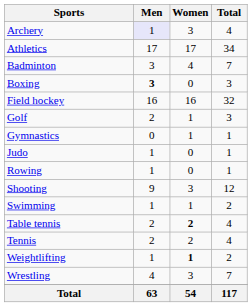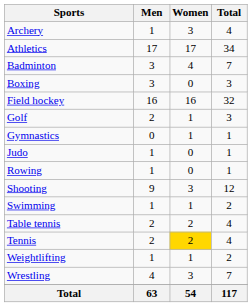 <table class="wikitable sortable" style="text-align:center;">
 <tr>
 <th width=180>Sports</th>
 <th width=45>Men</th>
 <th width=45>Women</th>
 <th width=45>Total</th>
 </tr>
 <tr>
 <td align=left><a href='#'>Archery</a></td>
-<td style="background: lavender;">1</td>
+<td>1</td>
 <td>3</td>
 <td>4</td>
 </tr>
 <tr>
 <td align=left><a href='#'>Athletics</a></td>
 <td>17</td>
 <td>17</td>
 <td>34</td>
 </tr>
 <tr>
 <td align=left><a href='#'>Badminton</a></td>
 <td>3</td>
 <td>4</td>
 <td>7</td>
 </tr>
 <tr>
 <td align=left><a href='#'>Boxing</a></td>
-<td><strong>3</strong></td>
+<td>3</td>
 <td>0</td>
 <td>3</td>
 </tr>
 <tr>
 <td align=left><a href='#'>Field hockey</a></td>
 <td>16</td>
 <td>16</td>
 <td>32</td>
 </tr>
 <tr>
 <td align=left><a href='#'>Golf</a></td>
 <td>2</td>
 <td>1</td>
 <td>3</td>
 </tr>
 <tr>
 <td align=left><a href='#'>Gymnastics</a></td>
 <td>0</td>
 <td>1</td>
 <td>1</td>
 </tr>
 <tr>
 <td align=left><a href='#'>Judo</a></td>
 <td>1</td>
 <td>0</td>
 <td>1</td>
 </tr>
 <tr>
 <td align=left><a href='#'>Rowing</a></td>
 <td>1</td>
 <td>0</td>
 <td>1</td>
 </tr>
 <tr>
 <td align=left><a href='#'>Shooting</a></td>
 <td>9</td>
 <td>3</td>
 <td>12</td>
 </tr>
 <tr>
 <td align=left><a href='#'>Swimming</a></td>
 <td>1</td>
 <td>1</td>
 <td>2</td>
 </tr>
 <tr>
 <td align=left><a href='#'>Table tennis</a></td>
 <td>2</td>
-<td><strong>2</strong></td>
+<td>2</td>
 <td>4</td>
 </tr>
 <tr>
 <td align=left><a href='#'>Tennis</a></td>
 <td>2</td>
-<td>2</td>
+<td style="background: gold;">2</td>
 <td>4</td>
 </tr>
 <tr>
 <td align=left><a href='#'>Weightlifting</a></td>
 <td>1</td>
-<td><strong>1</strong></td>
+<td>1</td>
 <td>2</td>
 </tr>
 <tr>
 <td align=left><a href='#'>Wrestling</a></td>
 <td>4</td>
 <td>3</td>
 <td>7</td>
 </tr>
 <tr>
 </tr>
 <tr class="sortbottom">
 <th>Total</th>
 <th>63</th>
 <th>54</th>
 <th>117</th>
 </tr>
 </table>
